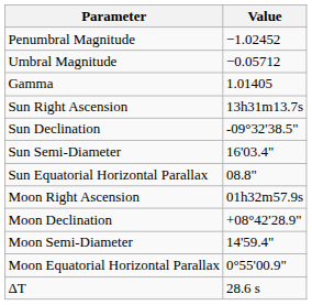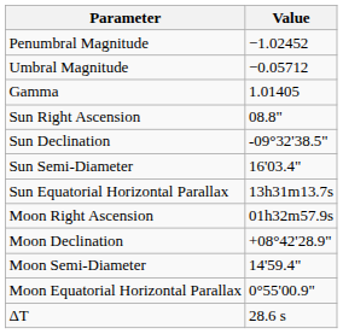 <table class="wikitable">
 <tr>
 <th>Parameter</th>
 <th>Value</th>
 </tr>
 <tr>
 <td>Penumbral Magnitude</td>
 <td>−1.02452</td>
 </tr>
 <tr>
 <td>Umbral Magnitude</td>
 <td>−0.05712</td>
 </tr>
 <tr>
 <td>Gamma</td>
 <td>1.01405</td>
 </tr>
 <tr>
 <td>Sun Right Ascension</td>
-<td>13h31m13.7s</td>
+<td>08.8"</td>
 </tr>
 <tr>
 <td>Sun Declination</td>
 <td>-09°32'38.5"</td>
 </tr>
 <tr>
 <td>Sun Semi-Diameter</td>
 <td>16'03.4"</td>
 </tr>
 <tr>
 <td>Sun Equatorial Horizontal Parallax</td>
-<td>08.8"</td>
+<td>13h31m13.7s</td>
 </tr>
 <tr>
 <td>Moon Right Ascension</td>
 <td>01h32m57.9s</td>
 </tr>
 <tr>
 <td>Moon Declination</td>
 <td>+08°42'28.9"</td>
 </tr>
 <tr>
 <td>Moon Semi-Diameter</td>
 <td>14'59.4"</td>
 </tr>
 <tr>
 <td>Moon Equatorial Horizontal Parallax</td>
 <td>0°55'00.9"</td>
 </tr>
 <tr>
 <td>ΔT</td>
 <td>28.6 s</td>
 </tr>
 </table>
